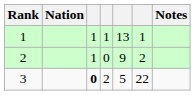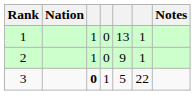 <table class="wikitable sortable" style="text-align: center;">
 <tr>
 <th>Rank</th>
 <th>Nation</th>
 <th></th>
 <th></th>
 <th></th>
 <th></th>
 <th>Notes</th>
 </tr>
 <tr style="background:#cfc;">
 <td>1</td>
 <td align=left></td>
 <td>1</td>
-<td>1</td>
+<td>0</td>
 <td>13</td>
 <td>1</td>
 <td></td>
 </tr>
 <tr style="background:#cfc;">
 <td>2</td>
 <td align=left></td>
 <td>1</td>
 <td>0</td>
 <td>9</td>
-<td>2</td>
+<td>1</td>
 <td></td>
 </tr>
 <tr>
 <td>3</td>
 <td align=left></td>
 <td><strong>0</strong></td>
-<td>2</td>
+<td>1</td>
 <td>5</td>
 <td>22</td>
 <td></td>
 </tr>
 </table>
